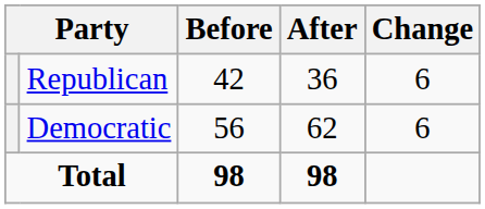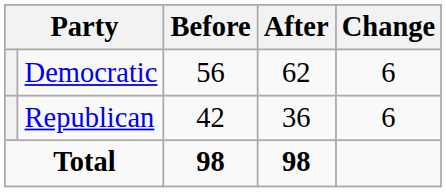 <table class="wikitable" style="text-align:center;">
 <tr>
 <th colspan="2">Party</th>
 <th>Before</th>
 <th>After</th>
 <th>Change</th>
 </tr>
 <tr>
 <th style="background-color:"></th>
-<td style="text-align:left;"><a href='#'>Republican</a></td>
-<td>42</td>
-<td>36</td>
+<td style="text-align:left;"><a href='#'>Democratic</a></td>
+<td>56</td>
+<td>62</td>
 <td> 6</td>
 </tr>
 <tr>
 <th style="background-color:"></th>
-<td style="text-align:left;"><a href='#'>Democratic</a></td>
-<td>56</td>
-<td>62</td>
+<td style="text-align:left;"><a href='#'>Republican</a></td>
+<td>42</td>
+<td>36</td>
 <td> 6</td>
 </tr>
 <tr>
 <td colspan="2"><strong>Total</strong></td>
 <td><strong>98</strong></td>
 <td><strong>98</strong></td>
 <td></td>
 </tr>
 </table>
